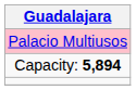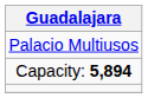 <table class="wikitable" style="margin:1em auto; text-align:center">
 <tr>
 <th><a href='#'>Guadalajara</a></th>
 </tr>
 <tr>
-<td style="background: pink;"><a href='#'>Palacio Multiusos</a></td>
+<td><a href='#'>Palacio Multiusos</a></td>
 </tr>
 <tr>
 <td>Capacity: <strong>5,894</strong></td>
 </tr>
 <tr>
 <td></td>
 </tr>
 <tr>
 </tr>
 </table>
